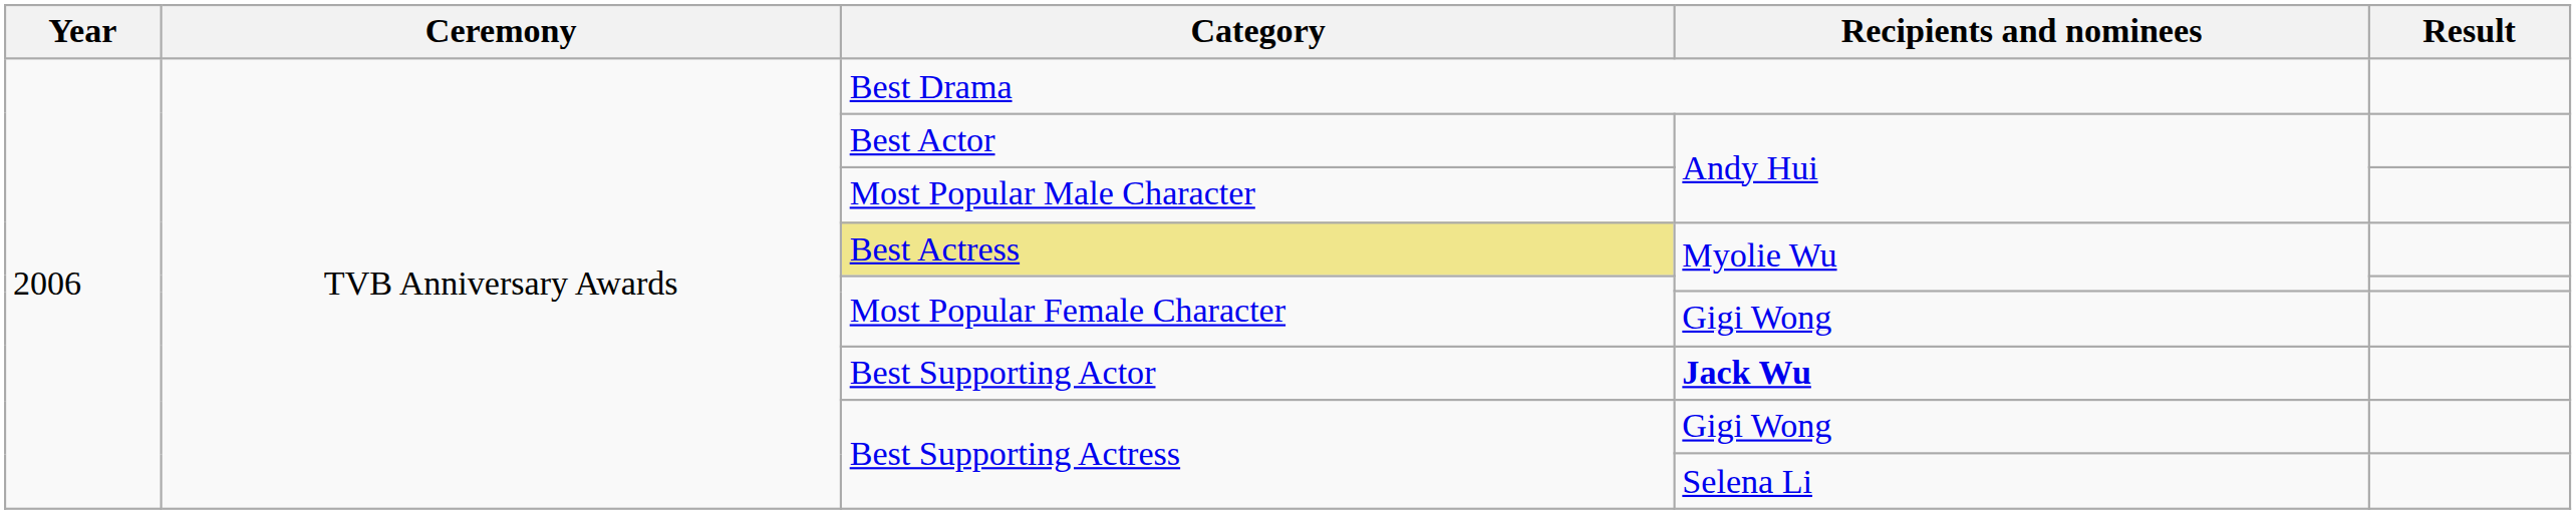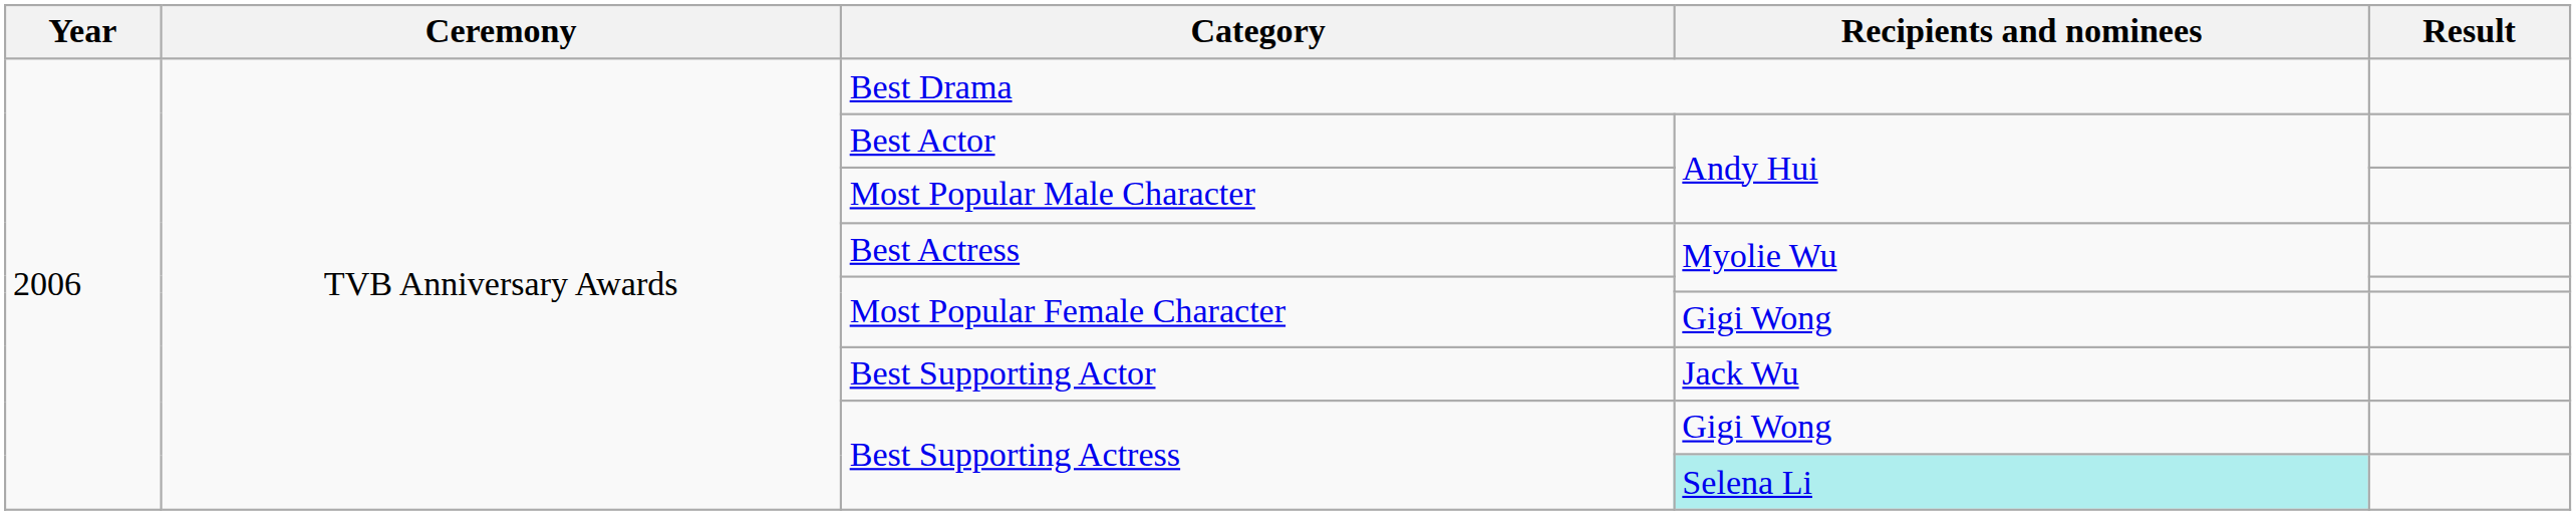 <table class="wikitable" style="width:95%;" style="font-size:90%;" ;>
 <tr>
 <th>Year</th>
 <th>Ceremony</th>
 <th>Category</th>
 <th>Recipients and nominees</th>
 <th>Result</th>
 </tr>
 <tr>
 <td rowspan="9">2006</td>
 <td align="center" rowspan=9>TVB Anniversary Awards</td>
 <td colspan=2><a href='#'>Best Drama</a></td>
 <td></td>
 </tr>
 <tr>
 <td><a href='#'>Best Actor</a></td>
 <td rowspan="2"><a href='#'>Andy Hui</a></td>
 <td></td>
 </tr>
 <tr>
 <td><a href='#'>Most Popular Male Character</a></td>
 <td></td>
 </tr>
 <tr>
-<td style="background: khaki;"><a href='#'>Best Actress</a></td>
+<td><a href='#'>Best Actress</a></td>
 <td rowspan="2"><a href='#'>Myolie Wu</a></td>
 <td></td>
 </tr>
 <tr>
 <td rowspan="2"><a href='#'>Most Popular Female Character</a></td>
 <td></td>
 </tr>
 <tr>
 <td><a href='#'>Gigi Wong</a></td>
 <td></td>
 </tr>
 <tr>
 <td><a href='#'>Best Supporting Actor</a></td>
-<td><strong><a href='#'>Jack Wu</a></strong></td>
+<td><a href='#'>Jack Wu</a></td>
 <td></td>
 </tr>
 <tr>
 <td rowspan="2"><a href='#'>Best Supporting Actress</a></td>
 <td><a href='#'>Gigi Wong</a></td>
 <td></td>
 </tr>
 <tr>
-<td><a href='#'>Selena Li</a></td>
+<td style="background: paleturquoise;"><a href='#'>Selena Li</a></td>
 <td></td>
 </tr>
 </table>
